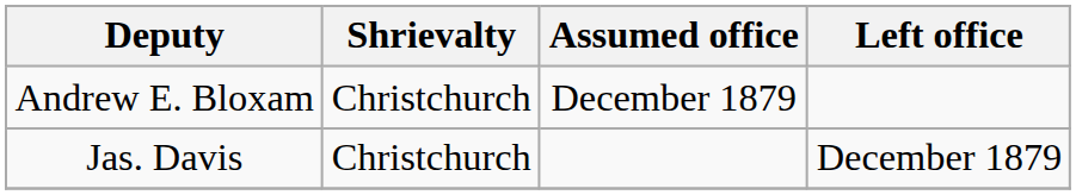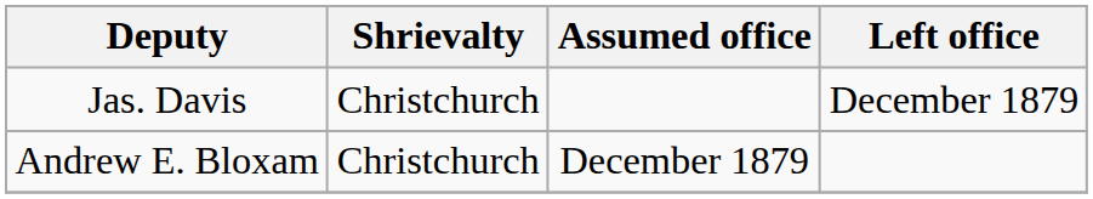 <table class="wikitable plainrowheaders" style="text-align:center;">
 <tr>
 <th>Deputy</th>
 <th>Shrievalty</th>
 <th>Assumed office</th>
 <th>Left office</th>
 </tr>
 <tr>
+<td>Jas. Davis</td>
+<td>Christchurch</td>
+<td></td>
+<td>December 1879</td>
+</tr>
+<tr>
 <td>Andrew E. Bloxam</td>
 <td>Christchurch</td>
 <td>December 1879</td>
 <td></td>
 </tr>
 <tr>
-<td>Jas. Davis</td>
-<td>Christchurch</td>
-<td></td>
-<td>December 1879</td>
-</tr>
-<tr>
 </tr>
 </table>
